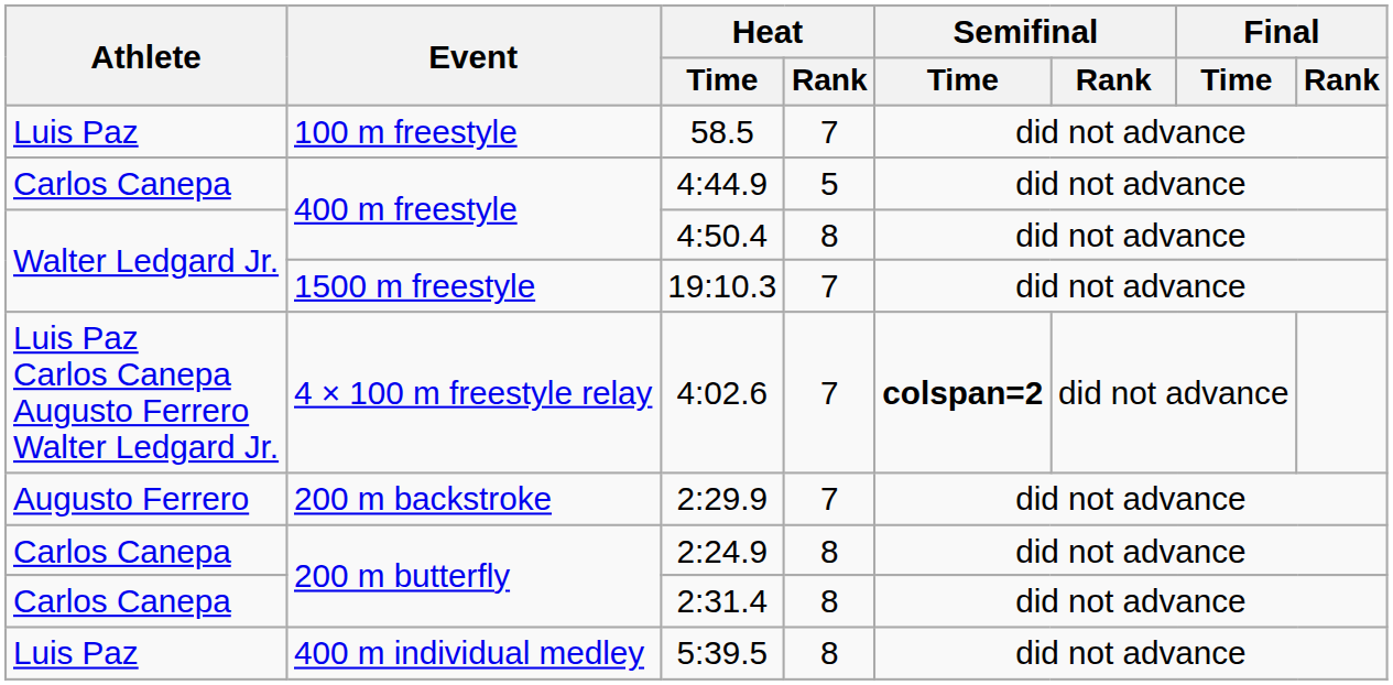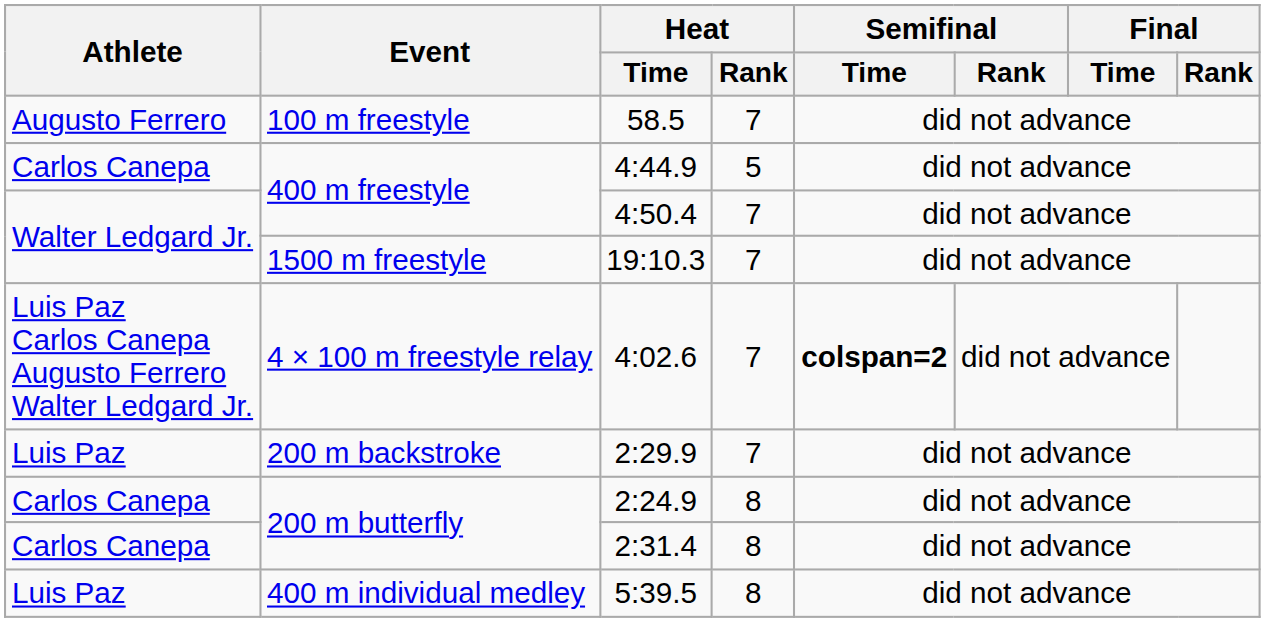 <table class=wikitable style="font-size:90%">
 <tr>
 <th rowspan="2">Athlete</th>
 <th rowspan="2">Event</th>
 <th colspan="2">Heat</th>
 <th colspan="2">Semifinal</th>
 <th colspan="2">Final</th>
 </tr>
 <tr style="font-size:95%">
 <th>Time</th>
 <th>Rank</th>
 <th>Time</th>
 <th>Rank</th>
 <th>Time</th>
 <th>Rank</th>
 </tr>
 <tr>
-<td><a href='#'>Luis Paz</a></td>
+<td><a href='#'>Augusto Ferrero</a></td>
 <td><a href='#'>100 m freestyle</a></td>
 <td align="center">58.5</td>
 <td align="center">7</td>
 <td colspan=4 align="center">did not advance</td>
 </tr>
 <tr>
 <td><a href='#'>Carlos Canepa</a></td>
 <td rowspan=2><a href='#'>400 m freestyle</a></td>
 <td align="center">4:44.9</td>
 <td align="center">5</td>
 <td colspan=4 align="center">did not advance</td>
 </tr>
 <tr>
 <td rowspan=2><a href='#'>Walter Ledgard Jr.</a></td>
 <td align="center">4:50.4</td>
-<td align="center">8</td>
+<td align="center">7</td>
 <td colspan=4 align="center">did not advance</td>
 </tr>
 <tr>
 <td><a href='#'>1500 m freestyle</a></td>
 <td align="center">19:10.3</td>
 <td align="center">7</td>
 <td colspan=4 align="center">did not advance</td>
 </tr>
 <tr>
 <td><a href='#'>Luis Paz</a> <br> <a href='#'>Carlos Canepa</a> <br> <a href='#'>Augusto Ferrero</a> <br> <a href='#'>Walter Ledgard Jr.</a></td>
 <td><a href='#'>4 × 100 m freestyle relay</a></td>
 <td align="center">4:02.6</td>
 <td align="center">7</td>
 <td><strong>colspan=2 </strong></td>
 <td colspan=2 align="center">did not advance</td>
 </tr>
 <tr>
-<td><a href='#'>Augusto Ferrero</a></td>
+<td><a href='#'>Luis Paz</a></td>
 <td><a href='#'>200 m backstroke</a></td>
 <td align="center">2:29.9</td>
 <td align="center">7</td>
 <td colspan=4 align="center">did not advance</td>
 </tr>
 <tr>
 <td><a href='#'>Carlos Canepa</a></td>
 <td rowspan=2><a href='#'>200 m butterfly</a></td>
 <td align="center">2:24.9</td>
 <td align="center">8</td>
 <td colspan=4 align="center">did not advance</td>
 </tr>
 <tr>
 <td><a href='#'>Carlos Canepa</a></td>
 <td align="center">2:31.4</td>
 <td align="center">8</td>
 <td colspan=4 align="center">did not advance</td>
 </tr>
 <tr>
 <td><a href='#'>Luis Paz</a></td>
 <td><a href='#'>400 m individual medley</a></td>
 <td align=center>5:39.5</td>
 <td align=center>8</td>
 <td colspan=4 align="center">did not advance</td>
 </tr>
 </table>
